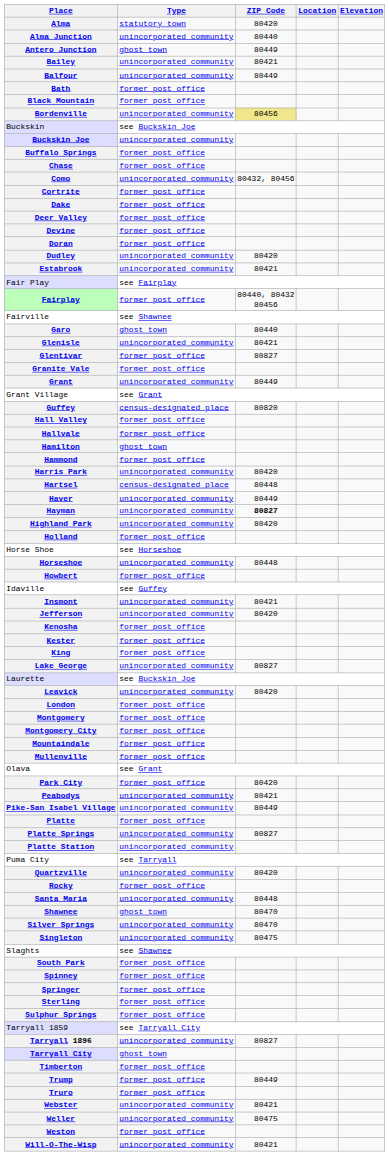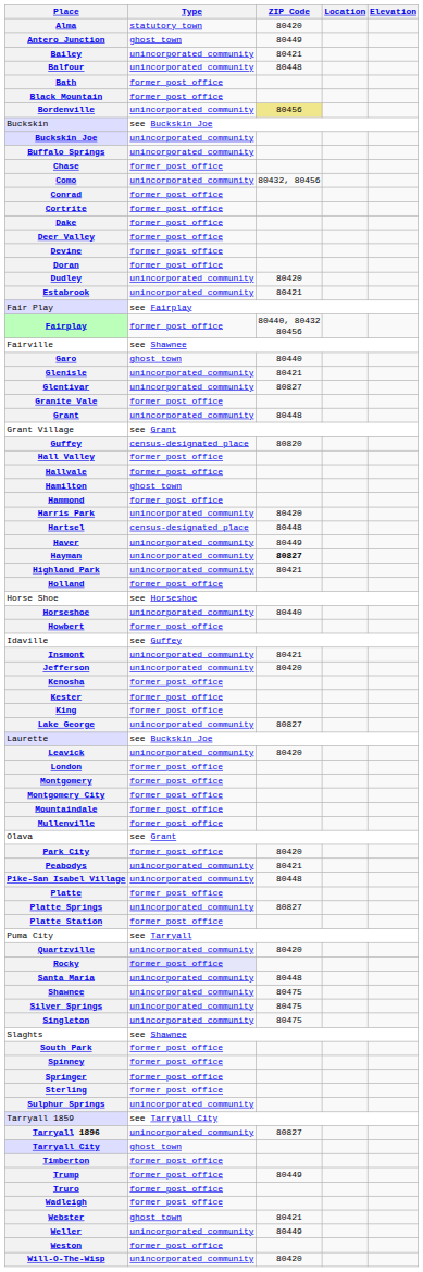 <table class="wikitable sortable  plainrowheaders" style="margin:auto;">
 <tr>
 <th scope=col><a href='#'>Place</a></th>
 <th scope=col><a href='#'>Type</a></th>
 <th scope=col><a href='#'>ZIP Code</a></th>
 <th scope=col><a href='#'>Location</a></th>
 <th scope=col><a href='#'>Elevation</a></th>
 </tr>
 <tr>
 <th scope=row><a href='#'>Alma</a></th>
 <td><a href='#'>statutory town</a></td>
 <td align=center>80420</td>
-<td></td>
-<td align=right></td>
-</tr>
-<tr>
-<th scope=row><a href='#'>Alma Junction</a></th>
-<td><a href='#'>unincorporated community</a></td>
-<td align=center>80440</td>
 <td></td>
 <td align=right></td>
 </tr>
 <tr>
 <th scope=row><a href='#'>Antero Junction</a></th>
 <td><a href='#'>ghost town</a></td>
 <td align=center>80449</td>
 <td></td>
 <td align=right></td>
 </tr>
 <tr>
 <th scope=row><a href='#'>Bailey</a></th>
 <td><a href='#'>unincorporated community</a></td>
 <td align=center>80421</td>
 <td></td>
 <td align=right></td>
 </tr>
 <tr>
 <th scope=row><a href='#'>Balfour</a></th>
 <td><a href='#'>unincorporated community</a></td>
-<td align=center>80449</td>
+<td align=center>80448</td>
 <td></td>
 <td align=right></td>
 </tr>
 <tr>
 <th scope=row><a href='#'>Bath</a></th>
 <td><a href='#'>former post office</a></td>
 <td align=center></td>
 <td></td>
 <td></td>
 </tr>
 <tr>
 <th scope=row><a href='#'>Black Mountain</a></th>
 <td><a href='#'>former post office</a></td>
 <td align=center></td>
 <td></td>
 <td></td>
 </tr>
 <tr>
 <th scope=row><a href='#'>Bordenville</a></th>
 <td><a href='#'>unincorporated community</a></td>
 <td align=center style="background: khaki;">80456</td>
 <td></td>
 <td align=right></td>
 </tr>
 <tr bgcolor=white>
 <td style="background:#DDDDFF;">Buckskin</td>
 <td colspan=4>see <a href='#'>Buckskin Joe</a></td>
 </tr>
 <tr>
 <th scope=row style="background:#DDDDFF;"><a href='#'>Buckskin Joe</a></th>
 <td><a href='#'>unincorporated community</a></td>
 <td align=center></td>
 <td></td>
 <td></td>
 </tr>
 <tr>
 <th scope=row><a href='#'>Buffalo Springs</a></th>
-<td><a href='#'>former post office</a></td>
+<td><a href='#'>unincorporated community</a></td>
 <td align=center></td>
 <td></td>
 <td></td>
 </tr>
 <tr>
 <th scope=row><a href='#'>Chase</a></th>
 <td><a href='#'>former post office</a></td>
 <td align=center></td>
 <td></td>
 <td></td>
 </tr>
 <tr>
 <th scope=row><a href='#'>Como</a></th>
 <td><a href='#'>unincorporated community</a></td>
 <td align=center>80432, 80456</td>
 <td></td>
 <td align=right></td>
+</tr>
+<tr>
+<th scope=row><a href='#'>Conrad</a></th>
+<td><a href='#'>former post office</a></td>
+<td align=center></td>
+<td></td>
+<td></td>
 </tr>
 <tr>
 <th scope=row><a href='#'>Cortrite</a></th>
 <td><a href='#'>former post office</a></td>
 <td align=center></td>
 <td></td>
 <td></td>
 </tr>
 <tr>
 <th scope=row><a href='#'>Dake</a></th>
 <td><a href='#'>former post office</a></td>
 <td align=center></td>
 <td></td>
 <td></td>
 </tr>
 <tr>
 <th scope=row><a href='#'>Deer Valley</a></th>
 <td><a href='#'>former post office</a></td>
 <td align=center></td>
 <td></td>
 <td></td>
 </tr>
 <tr>
 <th scope=row><a href='#'>Devine</a></th>
 <td><a href='#'>former post office</a></td>
 <td align=center></td>
 <td></td>
 <td></td>
 </tr>
 <tr>
 <th scope=row><a href='#'>Doran</a></th>
 <td><a href='#'>former post office</a></td>
 <td align=center></td>
 <td></td>
 <td></td>
 </tr>
 <tr>
 <th scope=row><a href='#'>Dudley</a></th>
 <td><a href='#'>unincorporated community</a></td>
 <td align=center>80420</td>
 <td></td>
 <td align=right></td>
 </tr>
 <tr>
 <th scope=row><a href='#'>Estabrook</a></th>
 <td><a href='#'>unincorporated community</a></td>
 <td align=center>80421</td>
 <td></td>
 <td align=right></td>
 </tr>
 <tr bgcolor=white>
 <td style="background:#DDDDFF;">Fair Play</td>
 <td colspan=4>see <a href='#'>Fairplay</a></td>
 </tr>
 <tr>
 <th scope=row style="background:#BBFFBB;"><a href='#'>Fairplay</a></th>
 <td><a href='#'>former post office</a></td>
 <td align=center>80440, 80432<br>80456</td>
 <td></td>
 <td align=right></td>
 </tr>
 <tr bgcolor=white>
 <td>Fairville</td>
 <td colspan=4>see <a href='#'>Shawnee</a></td>
 </tr>
 <tr>
 <th scope=row><a href='#'>Garo</a></th>
 <td><a href='#'>ghost town</a></td>
 <td align=center>80440</td>
 <td></td>
 <td align=right></td>
 </tr>
 <tr>
 <th scope=row><a href='#'>Glenisle</a></th>
 <td><a href='#'>unincorporated community</a></td>
 <td align=center>80421</td>
 <td></td>
 <td align=right></td>
 </tr>
 <tr>
 <th scope=row><a href='#'>Glentivar</a></th>
-<td><a href='#'>former post office</a></td>
+<td><a href='#'>unincorporated community</a></td>
 <td align=center>80827</td>
 <td></td>
 <td align=right></td>
 </tr>
 <tr>
 <th scope=row><a href='#'>Granite Vale</a></th>
 <td><a href='#'>former post office</a></td>
 <td align=center></td>
 <td></td>
 <td></td>
 </tr>
 <tr>
 <th scope=row><a href='#'>Grant</a></th>
 <td><a href='#'>unincorporated community</a></td>
-<td align=center>80449</td>
+<td align=center>80448</td>
 <td></td>
 <td align=right></td>
 </tr>
 <tr bgcolor=white>
 <td>Grant Village</td>
 <td colspan=4>see <a href='#'>Grant</a></td>
 </tr>
 <tr>
 <th scope=row><a href='#'>Guffey</a></th>
 <td><a href='#'>census-designated place</a></td>
 <td align=center>80820</td>
 <td></td>
 <td align=right></td>
 </tr>
 <tr>
 <th scope=row><a href='#'>Hall Valley</a></th>
 <td><a href='#'>former post office</a></td>
 <td align=center></td>
 <td></td>
 <td></td>
 </tr>
 <tr>
 <th scope=row><a href='#'>Hallvale</a></th>
 <td><a href='#'>former post office</a></td>
 <td align=center></td>
 <td></td>
 <td></td>
 </tr>
 <tr>
 <th scope=row><a href='#'>Hamilton</a></th>
 <td><a href='#'>ghost town</a></td>
 <td align=center></td>
 <td></td>
 <td></td>
 </tr>
 <tr>
 <th scope=row><a href='#'>Hammond</a></th>
 <td><a href='#'>former post office</a></td>
 <td align=center></td>
 <td></td>
 <td></td>
 </tr>
 <tr>
 <th scope=row><a href='#'>Harris Park</a></th>
 <td><a href='#'>unincorporated community</a></td>
 <td align=center>80420</td>
 <td></td>
 <td align=right></td>
 </tr>
 <tr>
 <th scope=row><a href='#'>Hartsel</a></th>
 <td><a href='#'>census-designated place</a></td>
 <td align=center>80448</td>
 <td></td>
 <td align=right></td>
 </tr>
 <tr>
 <th scope=row><a href='#'>Haver</a></th>
 <td><a href='#'>unincorporated community</a></td>
 <td align=center>80449</td>
 <td></td>
 <td align=right></td>
 </tr>
 <tr>
 <th scope=row><a href='#'>Hayman</a></th>
 <td><a href='#'>unincorporated community</a></td>
 <td align=center><strong>80827</strong></td>
 <td></td>
 <td></td>
 </tr>
 <tr>
 <th scope=row><a href='#'>Highland Park</a></th>
 <td><a href='#'>unincorporated community</a></td>
-<td align=center>80420</td>
+<td align=center>80421</td>
 <td></td>
 <td align=right></td>
 </tr>
 <tr>
 <th scope=row><a href='#'>Holland</a></th>
 <td><a href='#'>former post office</a></td>
 <td align=center></td>
 <td></td>
 <td></td>
 </tr>
 <tr bgcolor=white>
 <td>Horse Shoe</td>
 <td colspan=4>see <a href='#'>Horseshoe</a></td>
 </tr>
 <tr>
 <th scope=row><a href='#'>Horseshoe</a></th>
 <td><a href='#'>unincorporated community</a></td>
-<td align=center>80448</td>
+<td align=center>80440</td>
 <td></td>
 <td align=right></td>
 </tr>
 <tr>
 <th scope=row><a href='#'>Howbert</a></th>
 <td><a href='#'>former post office</a></td>
 <td align=center></td>
 <td></td>
 <td></td>
 </tr>
 <tr bgcolor=white>
 <td>Idaville</td>
 <td colspan=4>see <a href='#'>Guffey</a></td>
 </tr>
 <tr>
 <th scope=row><a href='#'>Insmont</a></th>
 <td><a href='#'>unincorporated community</a></td>
 <td align=center>80421</td>
 <td></td>
 <td align=right></td>
 </tr>
 <tr>
 <th scope=row><a href='#'>Jefferson</a></th>
 <td><a href='#'>unincorporated community</a></td>
 <td align=center>80420</td>
 <td></td>
 <td align=right></td>
 </tr>
 <tr>
 <th scope=row><a href='#'>Kenosha</a></th>
 <td><a href='#'>former post office</a></td>
 <td align=center></td>
 <td></td>
 <td></td>
 </tr>
 <tr>
 <th scope=row><a href='#'>Kester</a></th>
 <td><a href='#'>former post office</a></td>
 <td align=center></td>
 <td></td>
 <td></td>
 </tr>
 <tr>
 <th scope=row><a href='#'>King</a></th>
 <td><a href='#'>former post office</a></td>
 <td align=center></td>
 <td></td>
 <td></td>
 </tr>
 <tr>
 <th scope=row><a href='#'>Lake George</a></th>
 <td><a href='#'>unincorporated community</a></td>
 <td align=center>80827</td>
 <td></td>
 <td align=right></td>
 </tr>
 <tr bgcolor=white>
 <td style="background:#DDDDFF;">Laurette</td>
 <td colspan=4>see <a href='#'>Buckskin Joe</a></td>
 </tr>
 <tr>
 <th scope=row><a href='#'>Leavick</a></th>
 <td><a href='#'>unincorporated community</a></td>
 <td align=center>80420</td>
 <td></td>
 <td align=right></td>
 </tr>
 <tr>
 <th scope=row><a href='#'>London</a></th>
 <td><a href='#'>former post office</a></td>
 <td align=center></td>
 <td></td>
 <td></td>
 </tr>
 <tr>
 <th scope=row><a href='#'>Montgomery</a></th>
 <td><a href='#'>former post office</a></td>
 <td align=center></td>
 <td></td>
 <td></td>
 </tr>
 <tr>
 <th scope=row><a href='#'>Montgomery City</a></th>
 <td><a href='#'>former post office</a></td>
 <td align=center></td>
 <td></td>
 <td></td>
 </tr>
 <tr>
 <th scope=row><a href='#'>Mountaindale</a></th>
 <td><a href='#'>former post office</a></td>
 <td align=center></td>
 <td></td>
 <td></td>
 </tr>
 <tr>
 <th scope=row><a href='#'>Mullenville</a></th>
 <td><a href='#'>former post office</a></td>
 <td align=center></td>
 <td></td>
 <td></td>
 </tr>
 <tr bgcolor=white>
 <td>Olava</td>
 <td colspan=4>see <a href='#'>Grant</a></td>
 </tr>
 <tr>
 <th scope=row><a href='#'>Park City</a></th>
 <td><a href='#'>former post office</a></td>
 <td align=center>80420</td>
 <td></td>
 <td align=right></td>
 </tr>
 <tr>
 <th scope=row><a href='#'>Peabodys</a></th>
 <td><a href='#'>unincorporated community</a></td>
 <td align=center>80421</td>
 <td></td>
 <td align=right></td>
 </tr>
 <tr>
 <th scope=row><a href='#'>Pike-San Isabel Village</a></th>
 <td><a href='#'>unincorporated community</a></td>
-<td align=center>80449</td>
+<td align=center>80448</td>
 <td></td>
 <td align=right></td>
 </tr>
 <tr>
 <th scope=row><a href='#'>Platte</a></th>
 <td><a href='#'>former post office</a></td>
 <td align=center></td>
 <td></td>
 <td></td>
 </tr>
 <tr>
 <th scope=row><a href='#'>Platte Springs</a></th>
 <td><a href='#'>unincorporated community</a></td>
 <td align=center>80827</td>
 <td></td>
 <td align=right></td>
 </tr>
 <tr>
 <th scope=row><a href='#'>Platte Station</a></th>
-<td><a href='#'>unincorporated community</a></td>
+<td><a href='#'>former post office</a></td>
 <td align=center></td>
 <td></td>
 <td></td>
 </tr>
 <tr bgcolor=white>
 <td>Puma City</td>
 <td colspan=4>see <a href='#'>Tarryall</a> </td>
 </tr>
 <tr>
 <th scope=row><a href='#'>Quartzville</a></th>
 <td><a href='#'>unincorporated community</a></td>
 <td align=center>80420</td>
 <td></td>
 <td align=right></td>
 </tr>
 <tr>
 <th scope=row><a href='#'>Rocky</a></th>
-<td><a href='#'>former post office</a></td>
+<td style="background: lavender;"><a href='#'>former post office</a></td>
 <td align=center></td>
 <td></td>
 <td></td>
 </tr>
 <tr>
 <th scope=row><a href='#'>Santa Maria</a></th>
 <td><a href='#'>unincorporated community</a></td>
 <td align=center>80448</td>
 <td></td>
 <td align=right></td>
 </tr>
 <tr>
 <th scope=row><a href='#'>Shawnee</a></th>
-<td><a href='#'>ghost town</a></td>
-<td align=center>80470</td>
+<td><a href='#'>unincorporated community</a></td>
+<td align=center>80475</td>
 <td></td>
 <td align=right></td>
 </tr>
 <tr>
 <th scope=row><a href='#'>Silver Springs</a></th>
 <td><a href='#'>unincorporated community</a></td>
-<td align=center>80470</td>
+<td align=center>80475</td>
 <td></td>
 <td align=right></td>
 </tr>
 <tr>
 <th scope=row><a href='#'>Singleton</a></th>
 <td><a href='#'>unincorporated community</a></td>
 <td align=center>80475</td>
 <td></td>
 <td align=right></td>
 </tr>
 <tr bgcolor=white>
 <td>Slaghts</td>
 <td colspan=4>see <a href='#'>Shawnee</a></td>
 </tr>
 <tr>
 <th scope=row><a href='#'>South Park</a></th>
 <td><a href='#'>former post office</a></td>
 <td align=center></td>
 <td></td>
 <td></td>
 </tr>
 <tr>
 <th scope=row><a href='#'>Spinney</a></th>
 <td><a href='#'>former post office</a></td>
 <td align=center></td>
 <td></td>
 <td></td>
 </tr>
 <tr>
 <th scope=row><a href='#'>Springer</a></th>
 <td><a href='#'>former post office</a></td>
 <td align=center></td>
 <td></td>
 <td></td>
 </tr>
 <tr>
 <th scope=row><a href='#'>Sterling</a></th>
 <td><a href='#'>former post office</a></td>
 <td align=center></td>
 <td></td>
 <td></td>
 </tr>
 <tr>
 <th scope=row><a href='#'>Sulphur Springs</a></th>
-<td><a href='#'>former post office</a></td>
+<td><a href='#'>unincorporated community</a></td>
 <td align=center></td>
 <td></td>
 <td></td>
 </tr>
 <tr bgcolor=white>
 <td style="background:#DDDDFF;">Tarryall 1859</td>
 <td colspan=4>see <a href='#'>Tarryall City</a></td>
 </tr>
 <tr>
 <th scope=row><a href='#'>Tarryall</a> 1896</th>
 <td><a href='#'>unincorporated community</a></td>
 <td align=center>80827</td>
 <td></td>
 <td align=right></td>
 </tr>
 <tr>
 <th scope=row style="background:#DDDDFF;"><a href='#'>Tarryall City</a></th>
 <td><a href='#'>ghost town</a></td>
 <td align=center></td>
 <td></td>
 <td></td>
 </tr>
 <tr>
 <th scope=row><a href='#'>Timberton</a></th>
 <td><a href='#'>former post office</a></td>
 <td align=center></td>
 <td></td>
 <td></td>
 </tr>
 <tr>
 <th scope=row><a href='#'>Trump</a></th>
 <td><a href='#'>former post office</a></td>
 <td align=center>80449</td>
 <td></td>
 <td align=right></td>
 </tr>
 <tr>
 <th scope=row><a href='#'>Truro</a></th>
 <td><a href='#'>former post office</a></td>
 <td align=center></td>
 <td></td>
 <td></td>
 </tr>
 <tr>
+<th scope=row><a href='#'>Wadleigh</a></th>
+<td><a href='#'>former post office</a></td>
+<td align=center></td>
+<td></td>
+<td></td>
+</tr>
+<tr>
 <th scope=row><a href='#'>Webster</a></th>
-<td><a href='#'>unincorporated community</a></td>
+<td><a href='#'>ghost town</a></td>
 <td align=center>80421</td>
 <td></td>
 <td align=right></td>
 </tr>
 <tr>
 <th scope=row><a href='#'>Weller</a></th>
 <td><a href='#'>unincorporated community</a></td>
-<td align=center>80475</td>
+<td align=center>80449</td>
 <td></td>
 <td align=right></td>
 </tr>
 <tr>
 <th scope=row><a href='#'>Weston</a></th>
 <td><a href='#'>former post office</a></td>
 <td align=center></td>
 <td></td>
 <td></td>
 </tr>
 <tr>
 <th scope=row><a href='#'>Will-O-The-Wisp</a></th>
 <td><a href='#'>unincorporated community</a></td>
-<td align=center>80421</td>
+<td align=center>80420</td>
 <td></td>
 <td align=right></td>
 </tr>
 </table>
